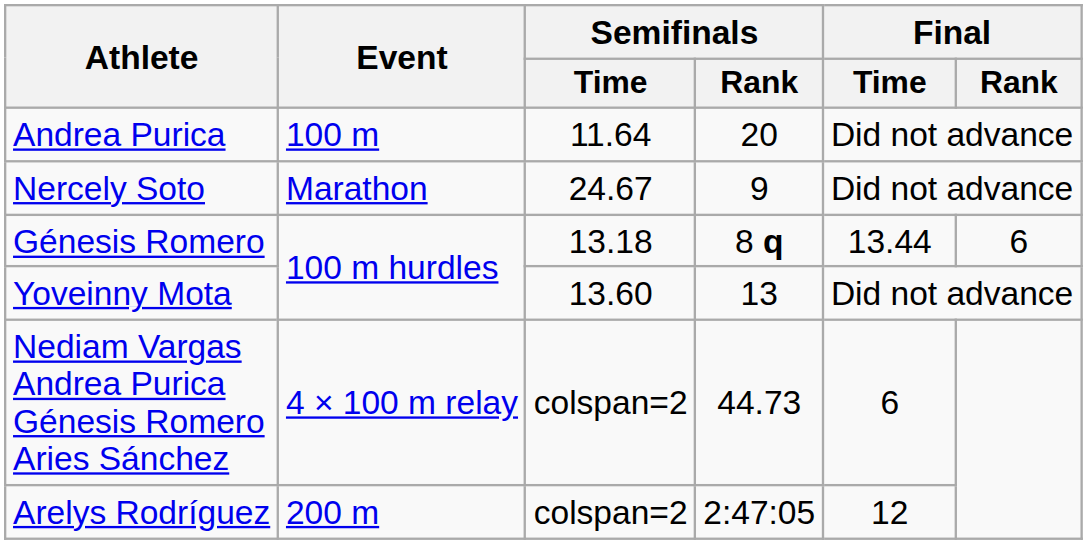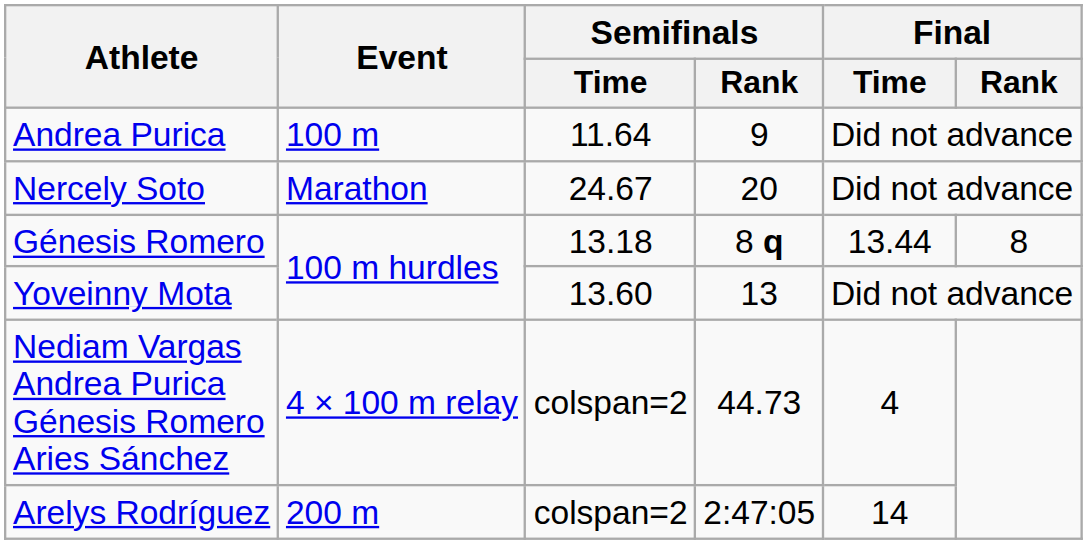 <table class=wikitable style="font-size:90%;">
 <tr>
 <th rowspan=2>Athlete</th>
 <th rowspan=2>Event</th>
 <th colspan=2>Semifinals</th>
 <th colspan=2>Final</th>
 </tr>
 <tr style="font-size:95%">
 <th>Time</th>
 <th>Rank</th>
 <th>Time</th>
 <th>Rank</th>
 </tr>
 <tr align=center>
 <td align=left><a href='#'>Andrea Purica</a></td>
 <td align=left rowspan=><a href='#'>100 m</a></td>
 <td>11.64</td>
-<td>20</td>
+<td>9</td>
 <td colspan=2>Did not advance</td>
 </tr>
 <tr align=center>
 <td align=left><a href='#'>Nercely Soto</a></td>
 <td align=left rowspan=><a href='#'>Marathon</a></td>
 <td>24.67</td>
-<td>9</td>
+<td>20</td>
 <td colspan=2>Did not advance</td>
 </tr>
 <tr align=center>
 <td align=left><a href='#'>Génesis Romero</a></td>
 <td align=left rowspan= 2><a href='#'>100 m hurdles</a></td>
 <td>13.18</td>
 <td>8 <strong>q</strong></td>
 <td>13.44</td>
-<td>6</td>
+<td>8</td>
 </tr>
 <tr align=center>
 <td align=left><a href='#'>Yoveinny Mota</a></td>
 <td>13.60</td>
 <td>13</td>
 <td colspan=2>Did not advance</td>
 </tr>
 <tr align=center>
 <td align=left><a href='#'>Nediam Vargas</a><br><a href='#'>Andrea Purica</a><br><a href='#'>Génesis Romero</a><br><a href='#'>Aries Sánchez</a></td>
 <td align=left><a href='#'>4 × 100 m relay</a></td>
 <td>colspan=2 </td>
 <td>44.73</td>
-<td>6</td>
+<td>4</td>
 </tr>
 <tr align=center>
 <td align=left><a href='#'>Arelys Rodríguez</a></td>
 <td align=left><a href='#'>200 m</a></td>
 <td>colspan=2 </td>
 <td>2:47:05</td>
-<td>12</td>
+<td>14</td>
 </tr>
 </table>
